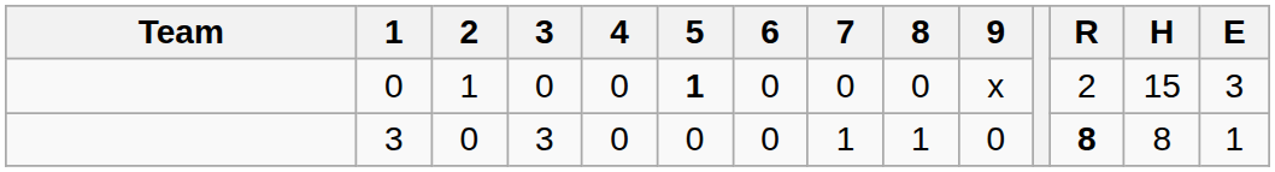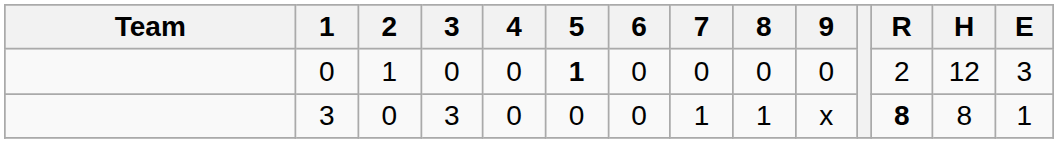 <table border=1 cellspacing=0 width=600 style="margin-left:3em;" class="wikitable">
 <tr style="text-align:center; background-color:#e6e6e6;">
 <th align=left width=28%>Team</th>
 <th width=6%>1</th>
 <th width=6%>2</th>
 <th width=6%>3</th>
 <th width=6%>4</th>
 <th width=6%>5</th>
 <th width=6%>6</th>
 <th width=6%>7</th>
 <th width=6%>8</th>
 <th width=6%>9</th>
 <th rowspan="3" width=0.5%></th>
 <th width=6%>R</th>
 <th width=6%>H</th>
 <th width=6%>E</th>
 </tr>
 <tr style="text-align:center;">
 <td align=left></td>
 <td>0</td>
 <td>1</td>
 <td>0</td>
 <td>0</td>
 <td><strong>1</strong></td>
 <td>0</td>
 <td>0</td>
 <td>0</td>
-<td>x</td>
+<td>0</td>
 <td>2</td>
-<td>15</td>
+<td>12</td>
 <td>3</td>
 </tr>
 <tr style="text-align:center;">
 <td align=left></td>
 <td>3</td>
 <td>0</td>
 <td>3</td>
 <td>0</td>
 <td>0</td>
 <td>0</td>
 <td>1</td>
 <td>1</td>
-<td>0</td>
+<td>x</td>
 <td><strong>8</strong></td>
 <td>8</td>
 <td>1</td>
 </tr>
 </table>
